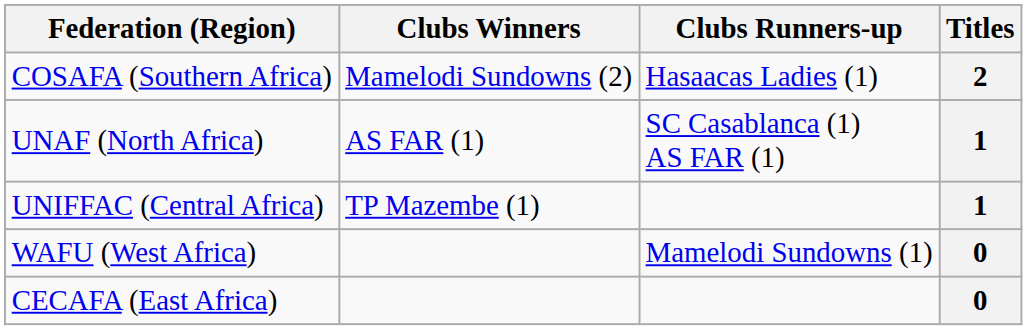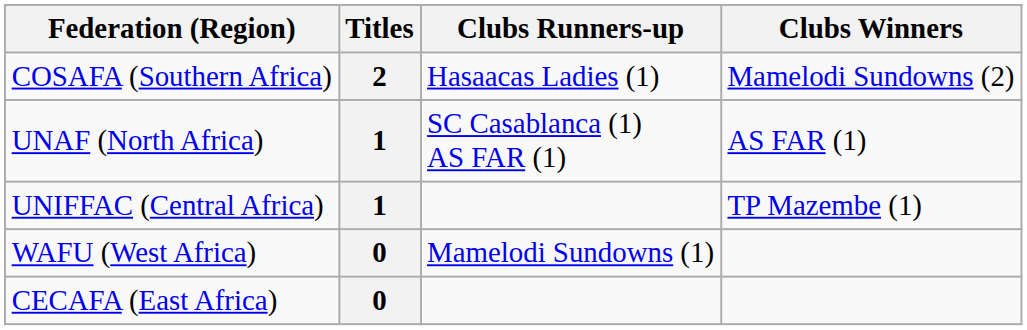 <table class="wikitable" style="font-size: 95%;">
 <tr>
 <th>Federation (Region)</th>
+<th>Titles</th>
+<th>Clubs Runners-up</th>
 <th>Clubs Winners</th>
-<th>Clubs Runners-up</th>
-<th>Titles</th>
 </tr>
 <tr>
 <td><a href='#'>COSAFA</a> (<a href='#'>Southern Africa</a>)</td>
+<th align=center>2</th>
+<td><a href='#'>Hasaacas Ladies</a> (1)</td>
 <td><a href='#'>Mamelodi Sundowns</a> (2)</td>
-<td><a href='#'>Hasaacas Ladies</a> (1)</td>
-<th align=center>2</th>
 </tr>
 <tr>
 <td><a href='#'>UNAF</a> (<a href='#'>North Africa</a>)</td>
+<th align=center>1</th>
+<td><a href='#'>SC Casablanca</a> (1) <br><a href='#'>AS FAR</a> (1)</td>
 <td><a href='#'>AS FAR</a> (1)</td>
-<td><a href='#'>SC Casablanca</a> (1) <br><a href='#'>AS FAR</a> (1)</td>
-<th align=center>1</th>
 </tr>
 <tr>
 <td><a href='#'>UNIFFAC</a> (<a href='#'>Central Africa</a>)</td>
+<th align=center>1</th>
+<td></td>
 <td><a href='#'>TP Mazembe</a> (1)</td>
-<td></td>
-<th align=center>1</th>
 </tr>
 <tr>
 <td><a href='#'>WAFU</a> (<a href='#'>West Africa</a>)</td>
+<th align=center>0</th>
+<td><a href='#'>Mamelodi Sundowns</a> (1)</td>
 <td></td>
-<td><a href='#'>Mamelodi Sundowns</a> (1)</td>
-<th align=center>0</th>
 </tr>
 <tr>
 <td><a href='#'>CECAFA</a> (<a href='#'>East Africa</a>)</td>
+<th align=center>0</th>
 <td></td>
 <td></td>
-<th align=center>0</th>
 </tr>
 </table>
